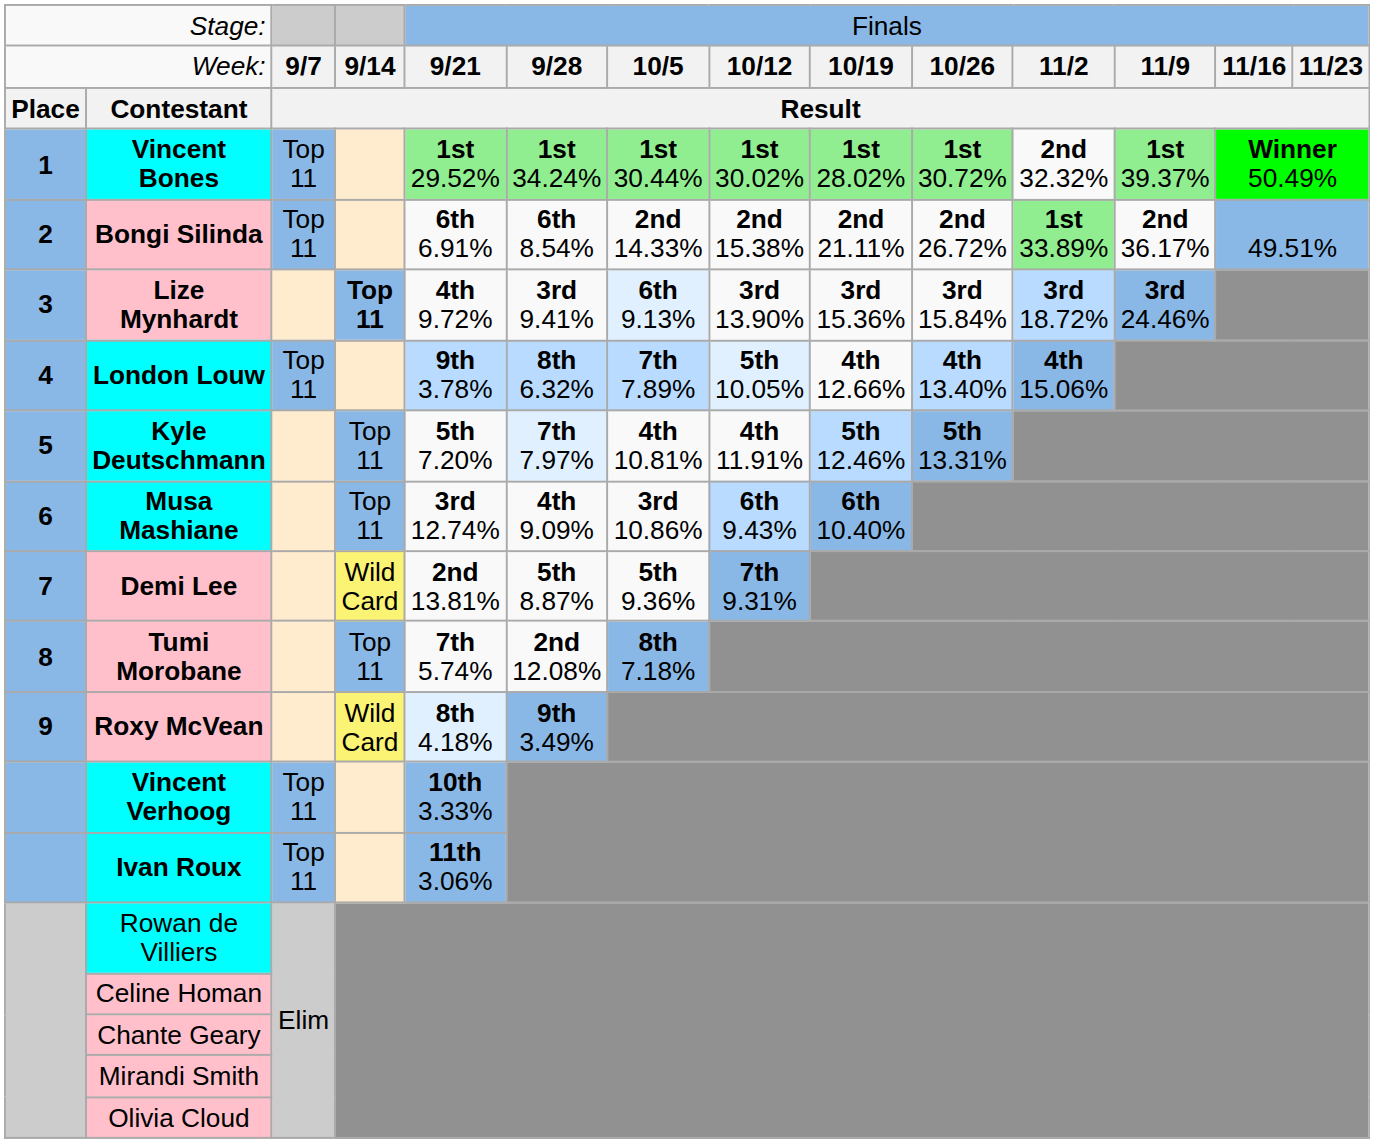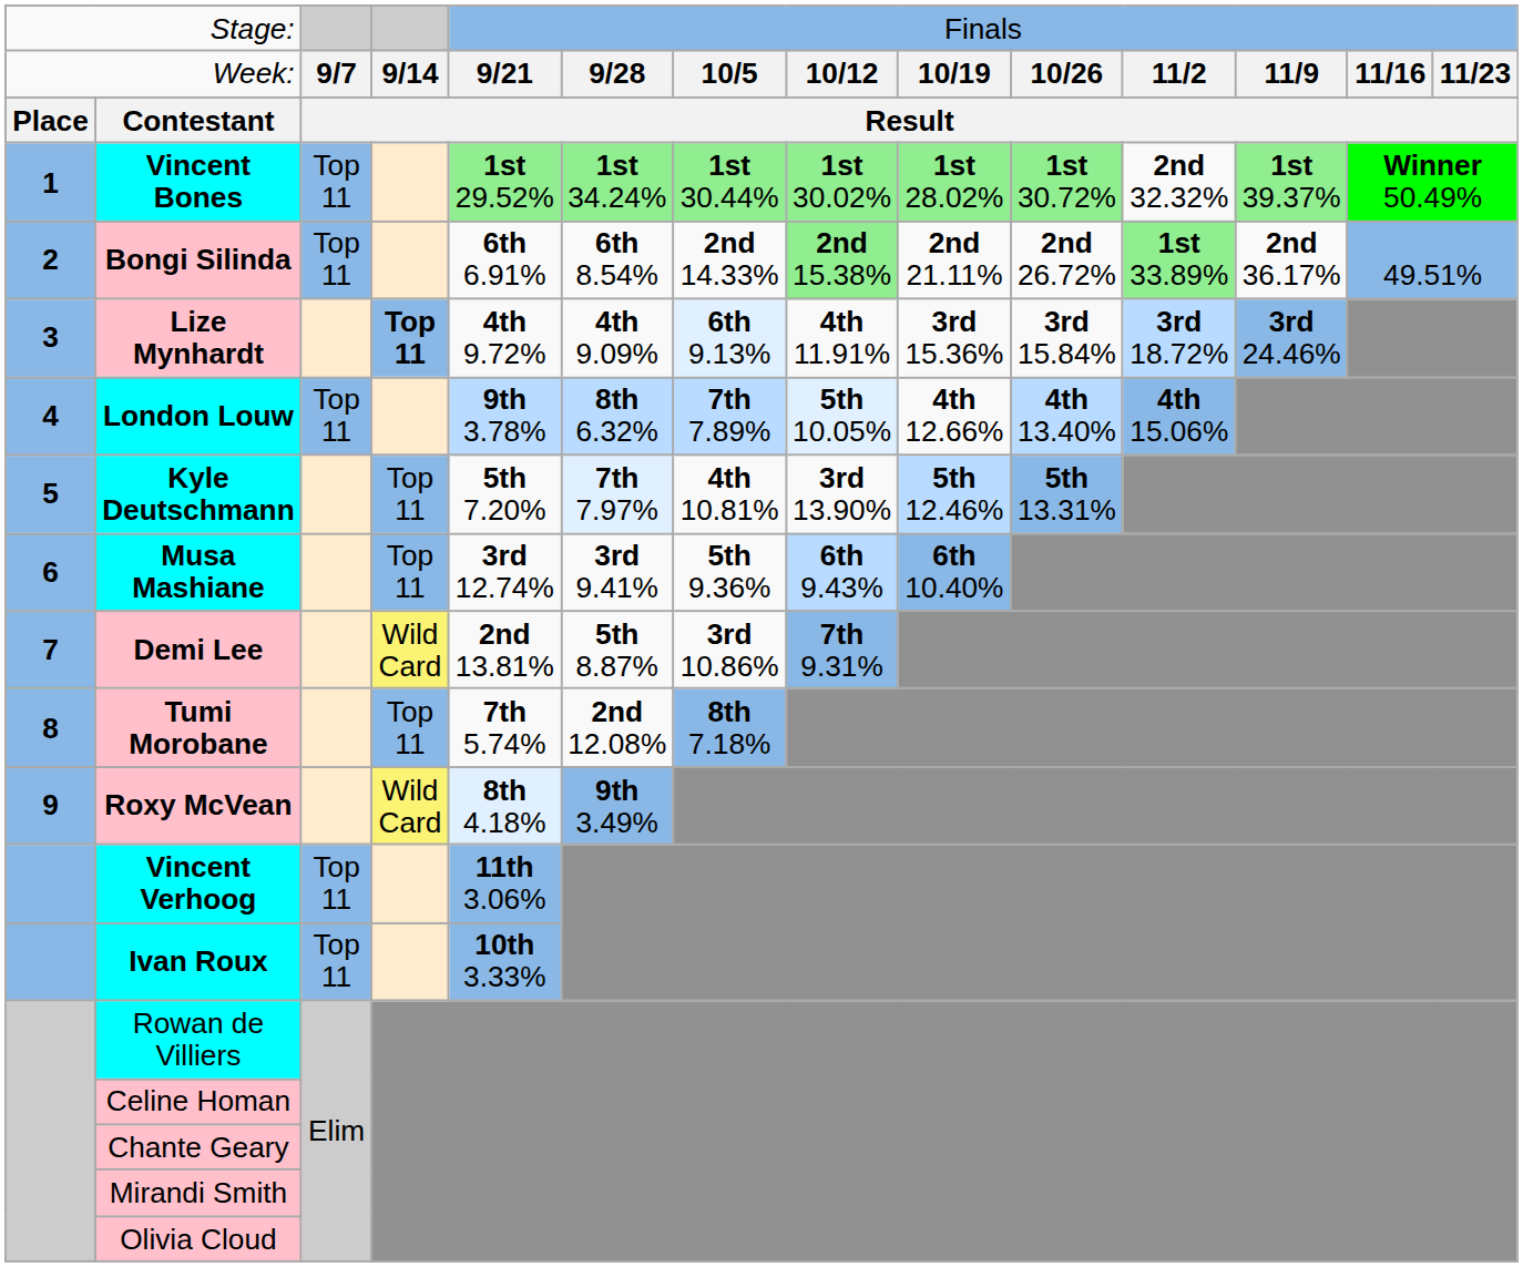 <table class="wikitable" style="margin:1em auto; text-align:center; font-size:85%">
 <tr>
 <td colspan="2" style="text-align:right;"><em>Stage:</em></td>
 <td style="width:5%; background:#ccc;"></td>
 <td style="width:5%; background:#ccc;"></td>
 <td colspan="10" style="background:#8ab8e6;">Finals</td>
 </tr>
 <tr>
 <td colspan="2" style="text-align:right;"><em>Week:</em></td>
 <th style="width:9%">9/7</th>
 <th style="width:9%">9/14</th>
 <th style="width:9%">9/21</th>
 <th style="width:9%">9/28</th>
 <th style="width:9%">10/5</th>
 <th style="width:9%">10/12</th>
 <th style="width:9%">10/19</th>
 <th style="width:9%">10/26</th>
 <th style="width:9%">11/2</th>
 <th style="width:9%">11/9</th>
 <th style="width:9%">11/16</th>
 <th style="width:9%">11/23</th>
 </tr>
 <tr>
 <th>Place</th>
 <th style="width:12%">Contestant</th>
 <th colspan="12">Result</th>
 </tr>
 <tr>
 <td style="background:#8ab8e6;"><strong>1</strong></td>
 <td style="background:cyan;"><strong>Vincent Bones</strong></td>
 <td style="background:#8ab8e6;">Top 11</td>
 <td style="background:#FFEBCD;"></td>
 <td style="background:lightgreen;"><strong>1st</strong><br>29.52%</td>
 <td style="background:lightgreen;"><strong>1st</strong><br>34.24%</td>
 <td style="background:lightgreen;"><strong>1st</strong><br>30.44%</td>
 <td style="background:lightgreen;"><strong>1st</strong><br>30.02%</td>
 <td style="background:lightgreen;"><strong>1st</strong><br>28.02%</td>
 <td style="background:lightgreen;"><strong>1st</strong><br>30.72%</td>
 <td><strong>2nd</strong><br>32.32%</td>
 <td style="background:lightgreen;"><strong>1st</strong><br>39.37%</td>
 <td colspan="2" style="background:lime"><strong>Winner</strong><br>50.49%</td>
 </tr>
 <tr>
 <td style="background:#8ab8e6;"><strong>2</strong></td>
 <td style="background:pink;"><strong>Bongi Silinda</strong></td>
 <td style="background:#8ab8e6;">Top 11</td>
 <td style="background:#FFEBCD;"></td>
 <td><strong>6th</strong><br>6.91%</td>
 <td><strong>6th</strong><br>8.54%</td>
 <td><strong>2nd</strong><br>14.33%</td>
-<td><strong>2nd</strong><br>15.38%</td>
+<td style="background: lightgreen;"><strong>2nd</strong><br>15.38%</td>
 <td><strong>2nd</strong><br>21.11%</td>
 <td><strong>2nd</strong><br>26.72%</td>
 <td style="background:lightgreen;"><strong>1st</strong><br>33.89%</td>
 <td><strong>2nd</strong><br>36.17%</td>
 <td colspan="2" style="background:#8ab8e6;"><br>49.51%</td>
 </tr>
 <tr>
 <td style="background:#8ab8e6;"><strong>3</strong></td>
 <td style="background:pink;"><strong>Lize Mynhardt</strong></td>
 <td style="background:#FFEBCD;"></td>
 <td style="background:#8ab8e6;"><strong>Top 11</strong></td>
 <td><strong>4th</strong><br>9.72%</td>
-<td><strong>3rd</strong><br>9.41%</td>
+<td><strong>4th</strong><br>9.09%</td>
 <td style="background:#e0f0ff;"><strong>6th</strong><br>9.13%</td>
-<td><strong>3rd</strong><br>13.90%</td>
+<td><strong>4th</strong><br>11.91%</td>
 <td><strong>3rd</strong><br>15.36%</td>
 <td><strong>3rd</strong><br>15.84%</td>
 <td style="background:#b8dbff;"><strong>3rd</strong><br>18.72%</td>
 <td style="background:#8ab8e6;"><strong>3rd</strong><br>24.46%</td>
 <td colspan="2" style="background:#919191;"></td>
 </tr>
 <tr>
 <td style="background:#8ab8e6;"><strong>4</strong></td>
 <td style="background:cyan;"><strong>London Louw</strong></td>
 <td style="background:#8ab8e6;">Top 11</td>
 <td style="background:#FFEBCD;"></td>
 <td style="background:#b8dbff;"><strong>9th</strong><br>3.78%</td>
 <td style="background:#b8dbff;"><strong>8th</strong><br>6.32%</td>
 <td style="background:#b8dbff;"><strong>7th</strong><br>7.89%</td>
 <td style="background:#e0f0ff;"><strong>5th</strong><br>10.05%</td>
 <td><strong>4th</strong><br>12.66%</td>
 <td style="background:#b8dbff;"><strong>4th</strong><br>13.40%</td>
 <td style="background:#8ab8e6;"><strong>4th</strong><br>15.06%</td>
 <td style="background:#919191;" colspan="3"></td>
 </tr>
 <tr>
 <td style="background:#8ab8e6;"><strong>5</strong></td>
 <td style="background:cyan;"><strong>Kyle Deutschmann</strong></td>
 <td style="background:#FFEBCD;"></td>
 <td style="background:#8ab8e6;">Top 11</td>
 <td><strong>5th</strong><br>7.20%</td>
 <td style="background:#e0f0ff;"><strong>7th</strong><br>7.97%</td>
 <td><strong>4th</strong><br>10.81%</td>
-<td><strong>4th</strong><br>11.91%</td>
+<td><strong>3rd</strong><br>13.90%</td>
 <td style="background:#b8dbff;"><strong>5th</strong><br>12.46%</td>
 <td style="background:#8ab8e6;"><strong>5th</strong><br>13.31%</td>
 <td style="background:#919191;" colspan="4"></td>
 </tr>
 <tr>
 <td style="background:#8ab8e6;"><strong>6</strong></td>
 <td style="background:cyan;"><strong>Musa Mashiane</strong></td>
 <td style="background:#FFEBCD;"></td>
 <td style="background:#8ab8e6;">Top 11</td>
 <td><strong>3rd</strong><br>12.74%</td>
-<td><strong>4th</strong><br>9.09%</td>
-<td><strong>3rd</strong><br>10.86%</td>
+<td><strong>3rd</strong><br>9.41%</td>
+<td><strong>5th</strong><br>9.36%</td>
 <td style="background:#b8dbff;"><strong>6th</strong><br>9.43%</td>
 <td style="background:#8ab8e6;"><strong>6th</strong><br>10.40%</td>
 <td style="background:#919191;" colspan="5"></td>
 </tr>
 <tr>
 <td style="background:#8ab8e6;"><strong>7</strong></td>
 <td style="background:pink;"><strong>Demi Lee</strong></td>
 <td style="background:#FFEBCD;"></td>
 <td style="background:#fbf373;">Wild Card</td>
 <td><strong>2nd</strong><br>13.81%</td>
 <td><strong>5th</strong><br>8.87%</td>
-<td><strong>5th</strong><br>9.36%</td>
+<td><strong>3rd</strong><br>10.86%</td>
 <td style="background:#8ab8e6;"><strong>7th</strong><br>9.31%</td>
 <td style="background:#919191;" colspan="6"></td>
 </tr>
 <tr>
 <td style="background:#8ab8e6;"><strong>8</strong></td>
 <td style="background:pink;"><strong>Tumi Morobane</strong></td>
 <td style="background:#FFEBCD;"></td>
 <td style="background:#8ab8e6;">Top 11</td>
 <td><strong>7th</strong><br>5.74%</td>
 <td><strong>2nd</strong><br>12.08%</td>
 <td style="background:#8ab8e6;"><strong>8th</strong><br>7.18%</td>
 <td style="background:#919191;" colspan="7"></td>
 </tr>
 <tr>
 <td style="background:#8ab8e6;"><strong>9</strong></td>
 <td style="background:pink;"><strong>Roxy McVean</strong></td>
 <td style="background:#FFEBCD;"></td>
 <td style="background:#fbf373;">Wild Card</td>
 <td style="background:#e0f0ff;"><strong>8th</strong><br>4.18%</td>
 <td style="background:#8ab8e6;"><strong>9th</strong><br>3.49%</td>
 <td style="background:#919191;" colspan="8"></td>
 </tr>
 <tr>
 <td style="background:#8ab8e6;"></td>
 <td style="background:cyan;"><strong>Vincent Verhoog</strong></td>
 <td style="background:#8ab8e6;">Top 11</td>
 <td style="background:#FFEBCD;"></td>
-<td style="background:#8ab8e6;"><strong>10th</strong><br>3.33%</td>
+<td style="background:#8ab8e6;"><strong>11th</strong><br>3.06%</td>
 <td style="background:#919191;" colspan="9" rowspan="2"></td>
 </tr>
 <tr>
 <td style="background:#8ab8e6;"></td>
 <td style="background:cyan;"><strong>Ivan Roux</strong></td>
 <td style="background:#8ab8e6;">Top 11</td>
 <td style="background:#FFEBCD;"></td>
-<td style="background:#8ab8e6;"><strong>11th</strong><br>3.06%</td>
+<td style="background:#8ab8e6;"><strong>10th</strong><br>3.33%</td>
 </tr>
 <tr>
 <td style="background:#ccc;" rowspan="5"></td>
 <td style="background:cyan;">Rowan de Villiers</td>
 <td style="background:#ccc;" rowspan="5">Elim</td>
 <td style="background:#919191;" colspan="11" rowspan="5"></td>
 </tr>
 <tr>
 <td style="background:pink;">Celine Homan</td>
 </tr>
 <tr>
 <td style="background:pink;">Chante Geary</td>
 </tr>
 <tr>
 <td style="background:pink;">Mirandi Smith</td>
 </tr>
 <tr>
 <td style="background:pink;">Olivia Cloud</td>
 </tr>
 </table>
